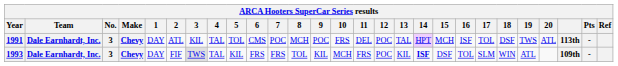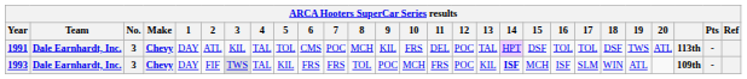 <table class="wikitable" style="text-align:center; font-size:75%">
 <tr>
 <th colspan=45><a href='#'>ARCA Hooters SuperCar Series</a> results</th>
 </tr>
 <tr>
 <th>Year</th>
 <th>Team</th>
 <th>No.</th>
 <th>Make</th>
 <th>1</th>
 <th>2</th>
 <th>3</th>
 <th>4</th>
 <th>5</th>
 <th>6</th>
 <th>7</th>
 <th>8</th>
 <th>9</th>
 <th>10</th>
 <th>11</th>
 <th>12</th>
 <th>13</th>
 <th>14</th>
 <th>15</th>
 <th>16</th>
 <th>17</th>
 <th>18</th>
 <th>19</th>
 <th>20</th>
 <th></th>
 <th>Pts</th>
 <th>Ref</th>
 </tr>
 <tr>
 <th><a href='#'>1991</a></th>
 <th nowrap><a href='#'>Dale Earnhardt, Inc.</a></th>
 <th>3</th>
 <th><a href='#'>Chevy</a></th>
 <td><a href='#'>DAY</a></td>
 <td><a href='#'>ATL</a></td>
 <td><a href='#'>KIL</a></td>
 <td><a href='#'>TAL</a></td>
 <td><a href='#'>TOL</a></td>
 <td><a href='#'>CMS</a></td>
 <td><a href='#'>POC</a></td>
 <td><a href='#'>MCH</a></td>
-<td><a href='#'>POC</a></td>
+<td><a href='#'>KIL</a></td>
 <td><a href='#'>FRS</a></td>
 <td><a href='#'>DEL</a></td>
 <td><a href='#'>POC</a></td>
 <td><a href='#'>TAL</a></td>
 <td style="background:#EFCFFF;"><a href='#'>HPT</a><br></td>
-<td><a href='#'>MCH</a></td>
-<td><a href='#'>ISF</a></td>
+<td><a href='#'>DSF</a></td>
+<td><a href='#'>TOL</a></td>
 <td><a href='#'>TOL</a></td>
 <td><a href='#'>DSF</a></td>
 <td><a href='#'>TWS</a></td>
 <td><a href='#'>ATL</a></td>
 <th>113th</th>
 <th>-</th>
 <th></th>
 </tr>
 <tr>
 <th><a href='#'>1993</a></th>
 <th><a href='#'>Dale Earnhardt, Inc.</a></th>
 <th>3</th>
 <th><a href='#'>Chevy</a></th>
 <td><a href='#'>DAY</a></td>
 <td><a href='#'>FIF</a></td>
 <td style="background:#DFDFDF;"><a href='#'>TWS</a><br></td>
 <td><a href='#'>TAL</a></td>
 <td><a href='#'>KIL</a></td>
 <td><a href='#'>FRS</a></td>
 <td><a href='#'>FRS</a></td>
 <td><a href='#'>TOL</a></td>
-<td><a href='#'>KIL</a></td>
+<td><a href='#'>POC</a></td>
 <td><a href='#'>MCH</a></td>
 <td><a href='#'>FRS</a></td>
 <td><a href='#'>POC</a></td>
 <td><a href='#'>KIL</a></td>
 <td><strong><a href='#'>ISF</a></strong></td>
-<td><a href='#'>DSF</a></td>
-<td><a href='#'>TOL</a></td>
+<td><a href='#'>MCH</a></td>
+<td><a href='#'>ISF</a></td>
 <td><a href='#'>SLM</a></td>
 <td><a href='#'>WIN</a></td>
 <td><a href='#'>ATL</a></td>
 <td></td>
 <th>109th</th>
 <th>-</th>
 <th></th>
 </tr>
 </table>
